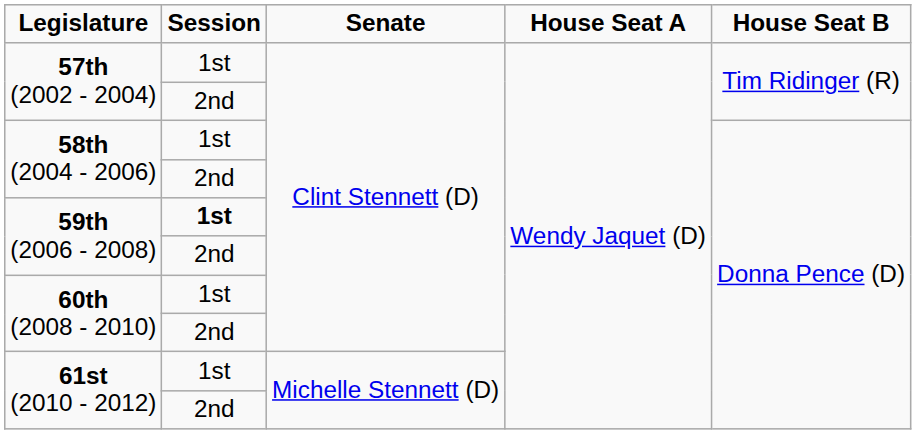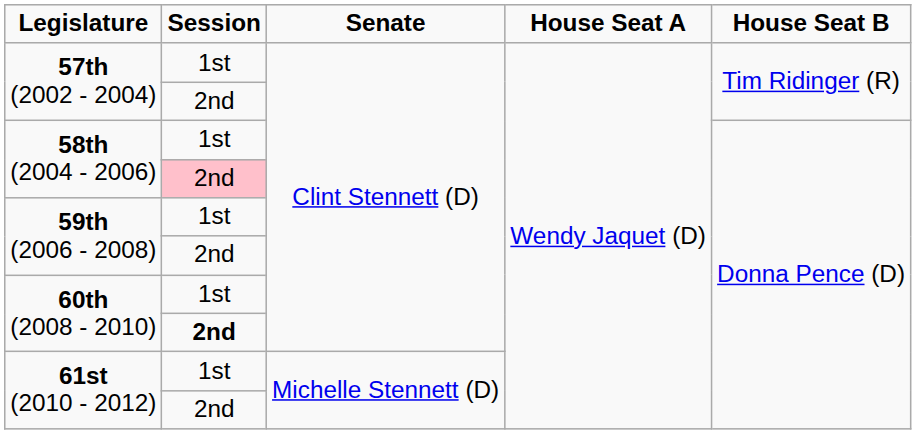 <table class=wikitable style="text-align:center">
 <tr>
 <td><strong>Legislature</strong></td>
 <td><strong>Session</strong></td>
 <td><strong>Senate</strong></td>
 <td><strong>House Seat A</strong></td>
 <td><strong>House Seat B</strong></td>
 </tr>
 <tr>
 <td rowspan="2" colspan="1" style="text-align: center;"><strong>57th</strong> <br> (2002 - 2004)</td>
 <td>1st</td>
 <td rowspan="8" colspan="1" style="text-align: center;" ><a href='#'>Clint Stennett</a> (D)</td>
 <td rowspan="10" colspan="1" style="text-align: center;" ><a href='#'>Wendy Jaquet</a> (D)</td>
 <td rowspan="2" colspan="1" style="text-align: center;" ><a href='#'>Tim Ridinger</a> (R)</td>
 </tr>
 <tr>
 <td>2nd</td>
 </tr>
 <tr>
 <td rowspan="2" colspan="1" style="text-align: center;"><strong>58th</strong> <br> (2004 - 2006)</td>
 <td>1st</td>
 <td rowspan="8" colspan="1" style="text-align: center;" ><a href='#'>Donna Pence</a> (D)</td>
 </tr>
 <tr>
-<td>2nd</td>
+<td style="background: pink;">2nd</td>
 </tr>
 <tr>
 <td rowspan="2" colspan="1" style="text-align: center;"><strong>59th</strong> <br> (2006 - 2008)</td>
-<td><strong>1st</strong></td>
+<td>1st</td>
 </tr>
 <tr>
 <td>2nd</td>
 </tr>
 <tr>
 <td rowspan="2" colspan="1" style="text-align: center;"><strong>60th</strong> <br> (2008 - 2010)</td>
 <td>1st</td>
 </tr>
 <tr>
-<td>2nd</td>
+<td><strong>2nd</strong></td>
 </tr>
 <tr>
 <td rowspan="2" colspan="1" style="text-align: center;"><strong>61st</strong> <br> (2010 - 2012)</td>
 <td>1st</td>
 <td rowspan="2" colspan="1" style="text-align: center;" ><a href='#'>Michelle Stennett</a> (D)</td>
 </tr>
 <tr>
 <td>2nd</td>
 </tr>
 </table>
